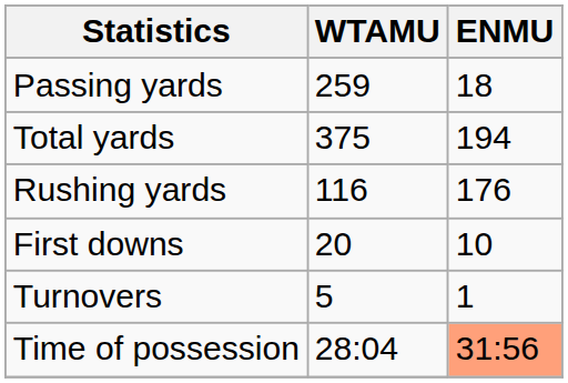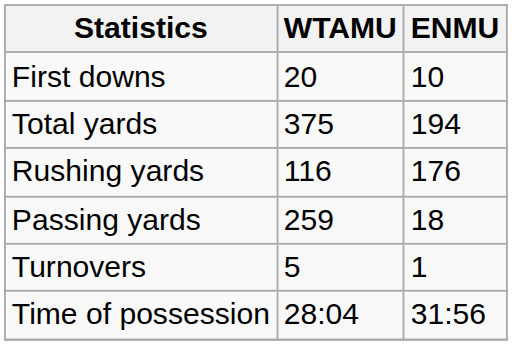 <table class="wikitable" style="float: left;">
 <tr>
 <th>Statistics</th>
 <th>WTAMU</th>
 <th>ENMU</th>
 </tr>
 <tr>
-<td>Passing yards</td>
-<td>259</td>
-<td>18</td>
+<td>First downs</td>
+<td>20</td>
+<td>10</td>
 </tr>
 <tr>
 <td>Total yards</td>
 <td>375</td>
 <td>194</td>
 </tr>
 <tr>
 <td>Rushing yards</td>
 <td>116</td>
 <td>176</td>
 </tr>
 <tr>
-<td>First downs</td>
-<td>20</td>
-<td>10</td>
+<td>Passing yards</td>
+<td>259</td>
+<td>18</td>
 </tr>
 <tr>
 <td>Turnovers</td>
 <td>5</td>
 <td>1</td>
 </tr>
 <tr>
 <td>Time of possession</td>
 <td>28:04</td>
-<td style="background: lightsalmon;">31:56</td>
+<td>31:56</td>
 </tr>
 <tr>
 </tr>
 </table>
